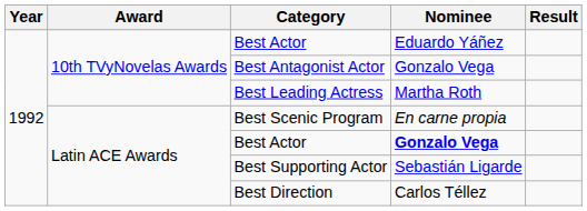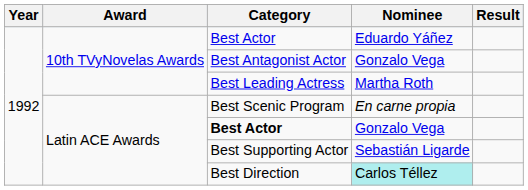 <table class="wikitable">
 <tr style="background:#b0c4de;">
 <th>Year</th>
 <th>Award</th>
 <th>Category</th>
 <th>Nominee</th>
 <th>Result</th>
 </tr>
 <tr>
 <td rowspan=7>1992</td>
 <td rowspan=3><a href='#'>10th TVyNovelas Awards</a></td>
 <td><a href='#'>Best Actor</a></td>
 <td><a href='#'>Eduardo Yáñez</a></td>
 <td></td>
 </tr>
 <tr>
 <td><a href='#'>Best Antagonist Actor</a></td>
 <td><a href='#'>Gonzalo Vega</a></td>
 <td></td>
 </tr>
 <tr>
 <td><a href='#'>Best Leading Actress</a></td>
 <td><a href='#'>Martha Roth</a></td>
 <td></td>
 </tr>
 <tr>
 <td rowspan=4>Latin ACE Awards</td>
 <td>Best Scenic Program</td>
 <td><em>En carne propia</em></td>
 <td></td>
 </tr>
 <tr>
-<td>Best Actor</td>
-<td><strong><a href='#'>Gonzalo Vega</a></strong></td>
+<td><strong>Best Actor</strong></td>
+<td><a href='#'>Gonzalo Vega</a></td>
 <td></td>
 </tr>
 <tr>
 <td>Best Supporting Actor</td>
 <td><a href='#'>Sebastián Ligarde</a></td>
 <td></td>
 </tr>
 <tr>
 <td>Best Direction</td>
-<td>Carlos Téllez</td>
+<td style="background: paleturquoise;">Carlos Téllez</td>
 <td></td>
 </tr>
 </table>
